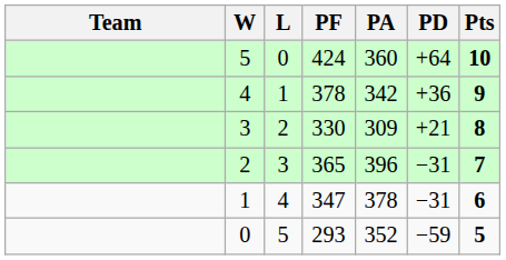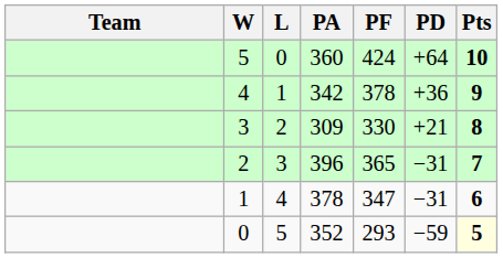 <table class="wikitable" style="text-align:center;">
 <tr>
 <th width=150>Team</th>
 <th width=20>W</th>
 <th width=20>L</th>
+<th width=30>PA</th>
 <th width=30>PF</th>
-<th width=30>PA</th>
 <th width=30>PD</th>
 <th width=20>Pts</th>
 </tr>
 <tr bgcolor="#ccffcc">
 <td align=left></td>
 <td>5</td>
 <td>0</td>
+<td>360</td>
 <td>424</td>
-<td>360</td>
 <td>+64</td>
 <td><strong>10</strong></td>
 </tr>
 <tr bgcolor="#ccffcc">
 <td align=left></td>
 <td>4</td>
 <td>1</td>
+<td>342</td>
 <td>378</td>
-<td>342</td>
 <td>+36</td>
 <td><strong>9</strong></td>
 </tr>
 <tr bgcolor="#ccffcc">
 <td align=left></td>
 <td>3</td>
 <td>2</td>
+<td>309</td>
 <td>330</td>
-<td>309</td>
 <td>+21</td>
 <td><strong>8</strong></td>
 </tr>
 <tr bgcolor="#ccffcc">
 <td align=left></td>
 <td>2</td>
 <td>3</td>
+<td>396</td>
 <td>365</td>
-<td>396</td>
 <td>−31</td>
 <td><strong>7</strong></td>
 </tr>
 <tr>
 <td align=left></td>
 <td>1</td>
 <td>4</td>
+<td>378</td>
 <td>347</td>
-<td>378</td>
 <td>−31</td>
 <td><strong>6</strong></td>
 </tr>
 <tr>
 <td align=left></td>
 <td>0</td>
 <td>5</td>
+<td>352</td>
 <td>293</td>
-<td>352</td>
 <td>−59</td>
-<td><strong>5</strong></td>
+<td style="background: lightyellow;"><strong>5</strong></td>
 </tr>
 </table>
